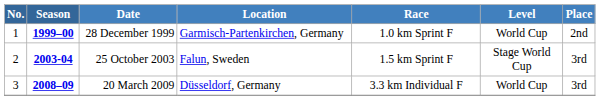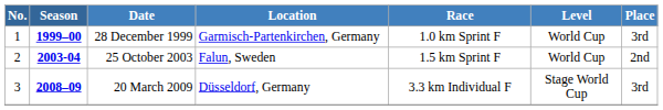 <table class="wikitable sortable" style="font-size:95%; text-align:center; border:grey solid 1px; border-collapse:collapse; background:#ffffff;">
 <tr style="background:#efefef;">
 <th style="background-color:#369; color:white;">No.</th>
 <th style="background-color:#369; color:white;">Season</th>
 <th style="background-color:#4180be; color:white; width:120px;">Date</th>
 <th style="background-color:#4180be; color:white; width:220px;">Location</th>
 <th style="background-color:#4180be; color:white; width:160px;">Race</th>
 <th style="background-color:#4180be; color:white; width:100px;">Level</th>
 <th style="background-color:#4180be; color:white;">Place</th>
 </tr>
 <tr>
 <td align=center>1</td>
 <td rowspan=1 align=center><strong><a href='#'>1999–00</a></strong></td>
 <td align=right>28 December 1999</td>
 <td align=left> <a href='#'>Garmisch-Partenkirchen</a>, Germany</td>
 <td>1.0 km Sprint F</td>
 <td>World Cup</td>
-<td>2nd</td>
+<td>3rd</td>
 </tr>
 <tr>
 <td align=center>2</td>
 <td rowspan=1 align=center><strong> <a href='#'>2003-04</a> </strong></td>
 <td align=right>25 October 2003</td>
 <td align=left> <a href='#'>Falun</a>, Sweden</td>
 <td>1.5 km Sprint F</td>
-<td>Stage World Cup</td>
-<td>3rd</td>
+<td>World Cup</td>
+<td>2nd</td>
 </tr>
 <tr>
 <td align=center>3</td>
 <td rowspan=1 align=center><strong> <a href='#'>2008–09</a> </strong></td>
 <td align=right>20 March 2009</td>
 <td align=left> <a href='#'>Düsseldorf</a>, Germany</td>
 <td>3.3 km Individual F</td>
-<td>World Cup</td>
+<td>Stage World Cup</td>
 <td>3rd</td>
 </tr>
 <tr>
 </tr>
 </table>
